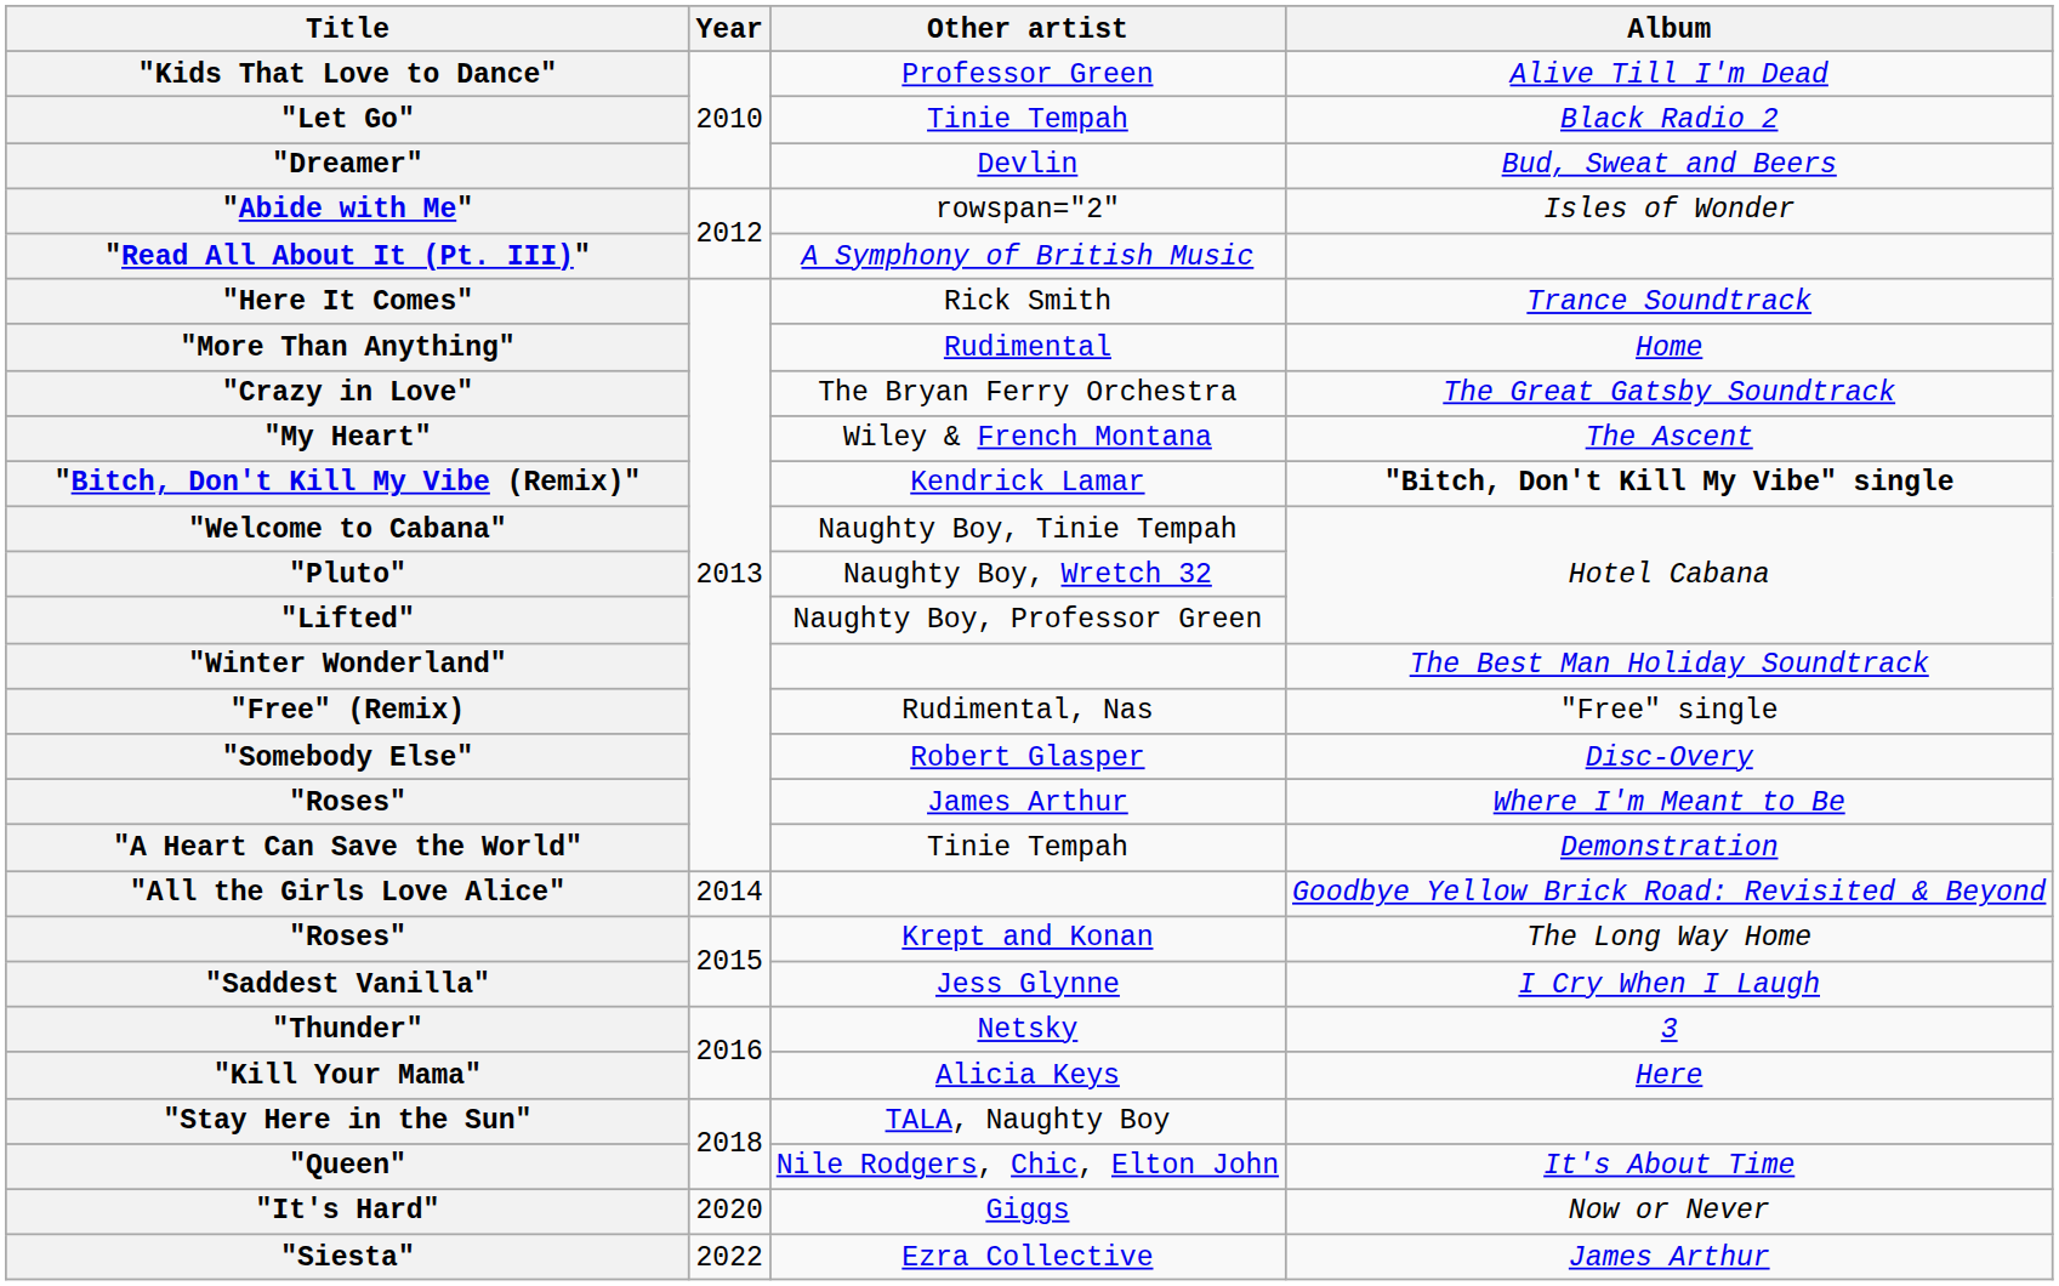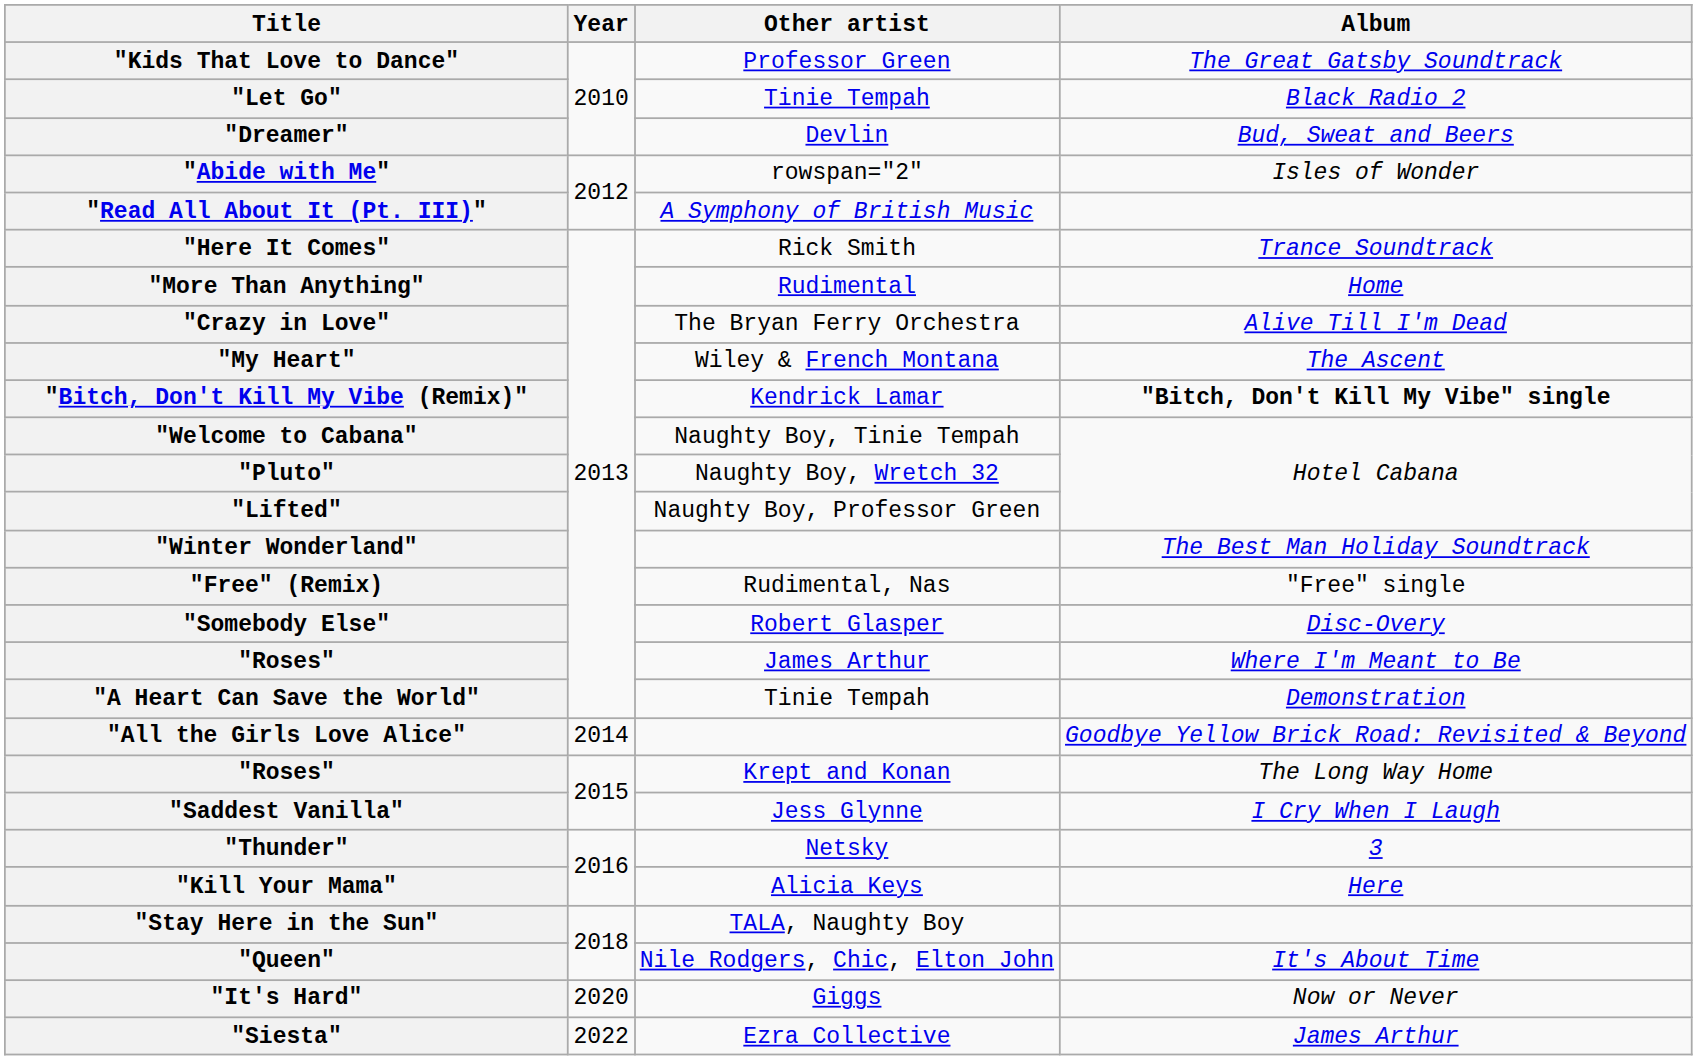 <table class="wikitable plainrowheaders" style="text-align:center;">
 <tr>
 <th scope="col" style="width:24em;">Title</th>
 <th scope="col" style="width:1em;">Year</th>
 <th scope="col">Other artist</th>
 <th scope="col">Album</th>
 </tr>
 <tr>
 <th scope="row">"Kids That Love to Dance"</th>
 <td rowspan="3">2010</td>
 <td><a href='#'>Professor Green</a></td>
-<td><em><a href='#'>Alive Till I'm Dead</a></em></td>
+<td><em><a href='#'>The Great Gatsby Soundtrack</a></em></td>
 </tr>
 <tr>
 <th scope="row">"Let Go"</th>
 <td><a href='#'>Tinie Tempah</a></td>
 <td><em><a href='#'>Black Radio 2</a></em></td>
 </tr>
 <tr>
 <th scope="row">"Dreamer"</th>
 <td><a href='#'>Devlin</a></td>
 <td><em><a href='#'>Bud, Sweat and Beers</a></em></td>
 </tr>
 <tr>
 <th scope="row">"<a href='#'>Abide with Me</a>"</th>
 <td rowspan="2">2012</td>
 <td>rowspan="2" </td>
 <td><em>Isles of Wonder</em></td>
 </tr>
 <tr>
 <th scope="row">"<a href='#'>Read All About It (Pt. III)</a>"</th>
 <td><em><a href='#'>A Symphony of British Music</a></em></td>
 </tr>
 <tr>
 <th scope="row">"Here It Comes"</th>
 <td rowspan="13">2013</td>
 <td>Rick Smith</td>
 <td><em><a href='#'>Trance Soundtrack</a></em></td>
 </tr>
 <tr>
 <th scope="row">"More Than Anything"</th>
 <td><a href='#'>Rudimental</a></td>
 <td><em><a href='#'>Home</a></em></td>
 </tr>
 <tr>
 <th scope="row">"Crazy in Love"</th>
 <td>The Bryan Ferry Orchestra</td>
-<td><em><a href='#'>The Great Gatsby Soundtrack</a></em></td>
+<td><em><a href='#'>Alive Till I'm Dead</a></em></td>
 </tr>
 <tr>
 <th scope="row">"My Heart"</th>
 <td>Wiley & <a href='#'>French Montana</a></td>
 <td><em><a href='#'>The Ascent</a></em></td>
 </tr>
 <tr>
 <th scope="row">"<a href='#'>Bitch, Don't Kill My Vibe</a> (Remix)"</th>
 <td><a href='#'>Kendrick Lamar</a></td>
 <td><strong>"Bitch, Don't Kill My Vibe" single</strong></td>
 </tr>
 <tr>
 <th scope="row">"Welcome to Cabana"</th>
 <td>Naughty Boy, Tinie Tempah</td>
 <td rowspan="3"><em>Hotel Cabana</em></td>
 </tr>
 <tr>
 <th scope="row">"Pluto"</th>
 <td>Naughty Boy, <a href='#'>Wretch 32</a></td>
 </tr>
 <tr>
 <th scope="row">"Lifted"</th>
 <td>Naughty Boy, Professor Green</td>
 </tr>
 <tr>
 <th scope="row">"Winter Wonderland"</th>
 <td></td>
 <td><em><a href='#'>The Best Man Holiday Soundtrack</a></em></td>
 </tr>
 <tr>
 <th scope="row">"Free" (Remix)</th>
 <td>Rudimental, Nas</td>
 <td>"Free" single</td>
 </tr>
 <tr>
 <th scope="row">"Somebody Else"</th>
 <td><a href='#'>Robert Glasper</a></td>
 <td><em><a href='#'>Disc-Overy</a></em></td>
 </tr>
 <tr>
 <th scope="row">"Roses"</th>
 <td><a href='#'>James Arthur</a></td>
 <td><em><a href='#'>Where I'm Meant to Be</a></em></td>
 </tr>
 <tr>
 <th scope="row">"A Heart Can Save the World"</th>
 <td>Tinie Tempah</td>
 <td><em><a href='#'>Demonstration</a></em></td>
 </tr>
 <tr>
 <th scope="row">"All the Girls Love Alice"</th>
 <td>2014</td>
 <td></td>
 <td><em><a href='#'>Goodbye Yellow Brick Road: Revisited & Beyond</a></em></td>
 </tr>
 <tr>
 <th scope="row">"Roses"</th>
 <td rowspan="2">2015</td>
 <td><a href='#'>Krept and Konan</a></td>
 <td><em>The Long Way Home</em></td>
 </tr>
 <tr>
 <th scope="row">"Saddest Vanilla"</th>
 <td><a href='#'>Jess Glynne</a></td>
 <td><em><a href='#'>I Cry When I Laugh</a></em></td>
 </tr>
 <tr>
 <th scope="row">"Thunder"</th>
 <td rowspan="2">2016</td>
 <td><a href='#'>Netsky</a></td>
 <td><em><a href='#'>3</a></em></td>
 </tr>
 <tr>
 <th scope="row">"Kill Your Mama"</th>
 <td><a href='#'>Alicia Keys</a></td>
 <td><em><a href='#'>Here</a></em></td>
 </tr>
 <tr>
 <th scope="row">"Stay Here in the Sun"</th>
 <td rowspan="2">2018</td>
 <td><a href='#'>TALA</a>, Naughty Boy</td>
 <td></td>
 </tr>
 <tr>
 <th scope="row">"Queen"</th>
 <td><a href='#'>Nile Rodgers</a>, <a href='#'>Chic</a>, <a href='#'>Elton John</a></td>
 <td><em><a href='#'>It's About Time</a></em></td>
 </tr>
 <tr>
 <th scope="row">"It's Hard"</th>
 <td>2020</td>
 <td><a href='#'>Giggs</a></td>
 <td><em>Now or Never</em></td>
 </tr>
 <tr>
 <th scope="row">"Siesta"</th>
 <td>2022</td>
 <td><a href='#'>Ezra Collective</a></td>
 <td><em><a href='#'>James Arthur</a></em></td>
 </tr>
 </table>
